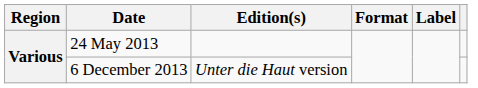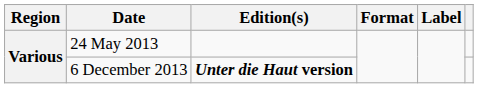 <table class="wikitable plainrowheaders">
 <tr>
 <th scope="col">Region</th>
 <th scope="col">Date</th>
 <th scope="col">Edition(s)</th>
 <th scope="col">Format</th>
 <th scope="col">Label</th>
 <th scope="col"></th>
 </tr>
 <tr>
 <th rowspan="2" scope="row">Various</th>
 <td>24 May 2013</td>
 <td></td>
 <td rowspan="2"></td>
 <td rowspan="2"></td>
 <td align="center"></td>
 </tr>
 <tr>
 <td>6 December 2013</td>
-<td><em>Unter die Haut</em> version</td>
+<td><strong><em>Unter die Haut</em> version</strong></td>
 <td align="center"></td>
 </tr>
 </table>
